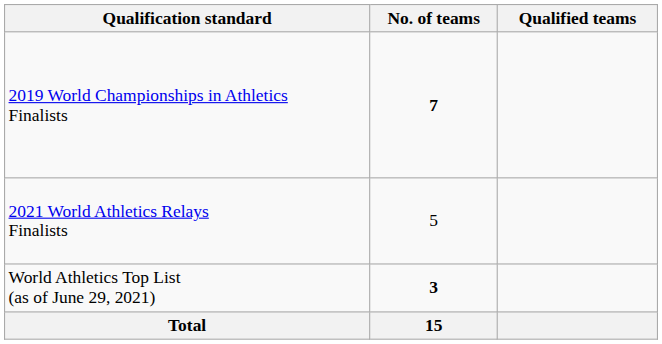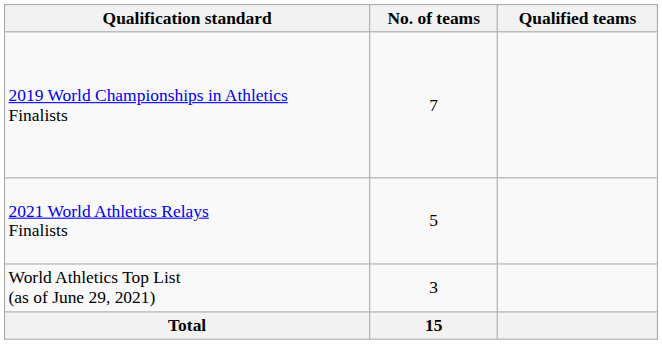 <table class="wikitable" style="text-align:left; width:600px;">
 <tr>
 <th>Qualification standard</th>
 <th>No. of teams</th>
 <th>Qualified teams</th>
 </tr>
 <tr>
 <td><a href='#'>2019 World Championships in Athletics</a><br>Finalists</td>
-<td align=center><strong>7</strong></td>
+<td align=center>7</td>
 <td><s></s><br><br><br><br><br><br><br></td>
 </tr>
 <tr>
 <td><a href='#'>2021 World Athletics Relays</a><br>Finalists</td>
 <td align=center>5</td>
 <td><br><br><br><br></td>
 </tr>
 <tr>
 <td>World Athletics Top List<br>(as of June 29, 2021)</td>
-<td align=center><strong>3</strong></td>
+<td align=center>3</td>
 <td><br><br></td>
 </tr>
 <tr>
 <th>Total</th>
 <th>15</th>
 <th colspan=2></th>
 </tr>
 </table>
